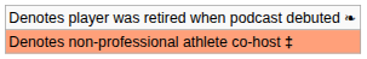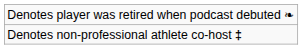 <table class="wikitable" style="font-size:95%">
 <tr>
 <td align="left">Denotes player was retired when podcast debuted ❧</td>
 </tr>
 <tr>
-<td align="left" style="background: lightsalmon;">Denotes non-professional athlete co-host <strong>‡</strong></td>
+<td align="left">Denotes non-professional athlete co-host <strong>‡</strong></td>
 </tr>
 </table>
